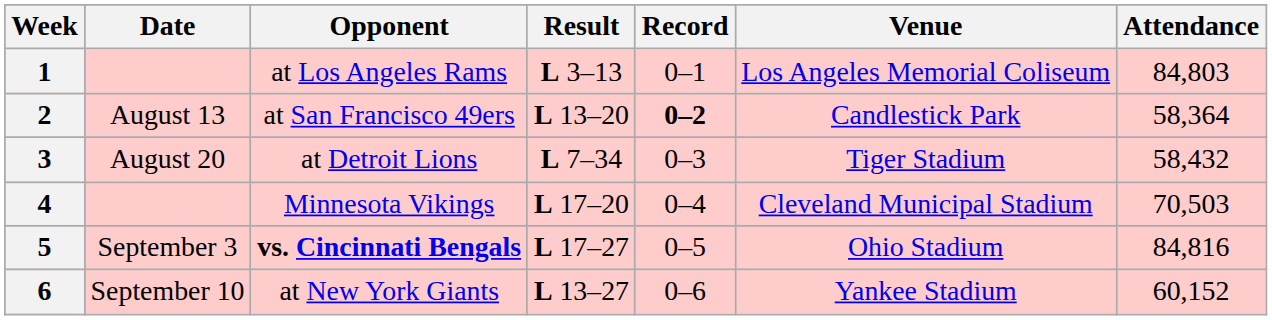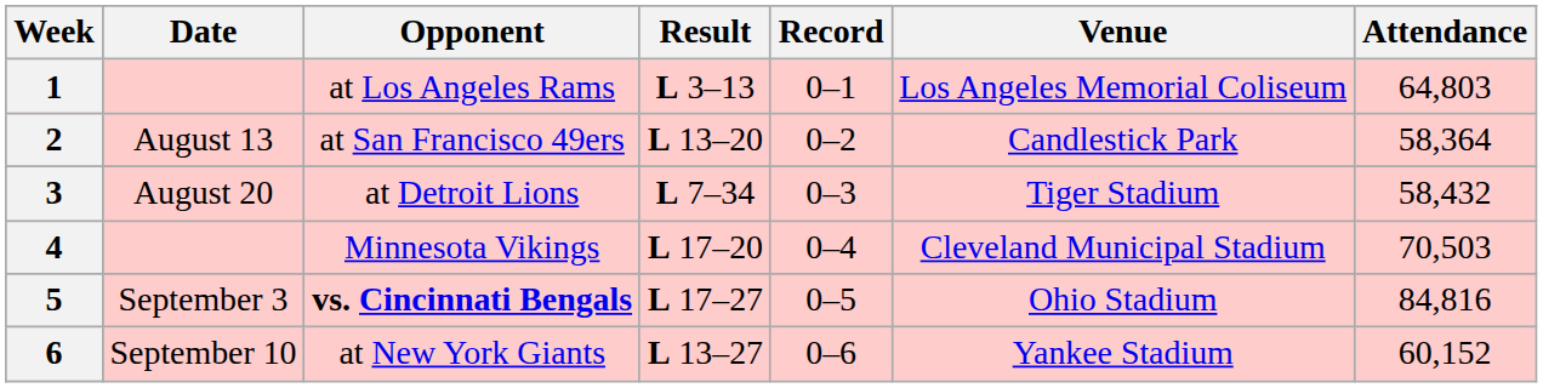 <table class="wikitable" style="text-align:center">
 <tr>
 <th>Week</th>
 <th>Date</th>
 <th>Opponent</th>
 <th>Result</th>
 <th>Record</th>
 <th>Venue</th>
 <th>Attendance</th>
 </tr>
 <tr style="background:#fcc">
 <th>1</th>
 <td></td>
 <td>at <a href='#'>Los Angeles Rams</a></td>
 <td><strong>L</strong> 3–13</td>
 <td>0–1</td>
 <td><a href='#'>Los Angeles Memorial Coliseum</a></td>
-<td>84,803</td>
+<td>64,803</td>
 </tr>
 <tr style="background:#fcc">
 <th>2</th>
 <td>August 13</td>
 <td>at <a href='#'>San Francisco 49ers</a></td>
 <td><strong>L</strong> 13–20</td>
-<td><strong>0–2</strong></td>
+<td>0–2</td>
 <td><a href='#'>Candlestick Park</a></td>
 <td>58,364</td>
 </tr>
 <tr style="background:#fcc">
 <th>3</th>
 <td>August 20</td>
 <td>at <a href='#'>Detroit Lions</a></td>
 <td><strong>L</strong> 7–34</td>
 <td>0–3</td>
 <td><a href='#'>Tiger Stadium</a></td>
 <td>58,432</td>
 </tr>
 <tr style="background:#fcc">
 <th>4</th>
 <td></td>
 <td><a href='#'>Minnesota Vikings</a></td>
 <td><strong>L</strong> 17–20</td>
 <td>0–4</td>
 <td><a href='#'>Cleveland Municipal Stadium</a></td>
 <td>70,503</td>
 </tr>
 <tr style="background:#fcc">
 <th>5</th>
 <td>September 3</td>
 <td><strong>vs. <a href='#'>Cincinnati Bengals</a></strong></td>
 <td><strong>L</strong> 17–27</td>
 <td>0–5</td>
 <td><a href='#'>Ohio Stadium</a></td>
 <td>84,816</td>
 </tr>
 <tr style="background:#fcc">
 <th>6</th>
 <td>September 10</td>
 <td>at <a href='#'>New York Giants</a></td>
 <td><strong>L</strong> 13–27</td>
 <td>0–6</td>
 <td><a href='#'>Yankee Stadium</a></td>
 <td>60,152</td>
 </tr>
 </table>
